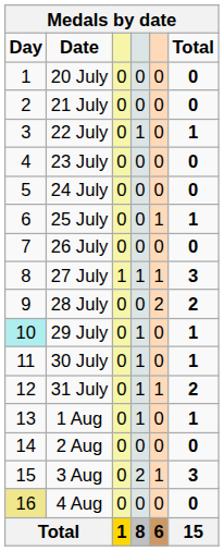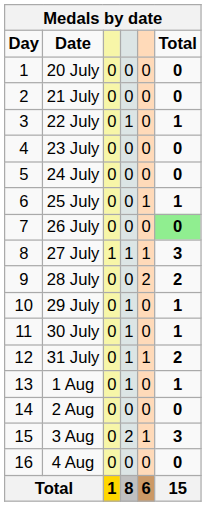 <table class="wikitable" style="font-size:85%; text-align:center;">
 <tr style="background:#efefef;">
 <th colspan=6><strong>Medals by date</strong></th>
 </tr>
 <tr>
 <td><strong>Day</strong></td>
 <td><strong>Date</strong></td>
 <td style="background:#F7F6A8;"></td>
 <td style="background:#DCE5E5;"></td>
 <td style="background:#FFDAB9;"></td>
 <td><strong>Total</strong></td>
 </tr>
 <tr>
 <td>1</td>
 <td>20 July</td>
 <td style="background:#F7F6A8;">0</td>
 <td style="background:#DCE5E5;">0</td>
 <td style="background:#FFDAB9;">0</td>
 <td><strong>0</strong></td>
 </tr>
 <tr>
 <td>2</td>
 <td>21 July</td>
 <td style="background:#F7F6A8;">0</td>
 <td style="background:#DCE5E5;">0</td>
 <td style="background:#FFDAB9;">0</td>
 <td><strong>0</strong></td>
 </tr>
 <tr>
 <td>3</td>
 <td>22 July</td>
 <td style="background:#F7F6A8;">0</td>
 <td style="background:#DCE5E5;">1</td>
 <td style="background:#FFDAB9;">0</td>
 <td><strong>1</strong></td>
 </tr>
 <tr>
 <td>4</td>
 <td>23 July</td>
 <td style="background:#F7F6A8;">0</td>
 <td style="background:#DCE5E5;">0</td>
 <td style="background:#FFDAB9;">0</td>
 <td><strong>0</strong></td>
 </tr>
 <tr>
 <td>5</td>
 <td>24 July</td>
 <td style="background:#F7F6A8;">0</td>
 <td style="background:#DCE5E5;">0</td>
 <td style="background:#FFDAB9;">0</td>
 <td><strong>0</strong></td>
 </tr>
 <tr>
 <td>6</td>
 <td>25 July</td>
 <td style="background:#F7F6A8;">0</td>
 <td style="background:#DCE5E5;">0</td>
 <td style="background:#FFDAB9;">1</td>
 <td><strong>1</strong></td>
 </tr>
 <tr>
 <td>7</td>
 <td>26 July</td>
 <td style="background:#F7F6A8;">0</td>
 <td style="background:#DCE5E5;">0</td>
 <td style="background:#FFDAB9;">0</td>
-<td><strong>0</strong></td>
+<td style="background: lightgreen;"><strong>0</strong></td>
 </tr>
 <tr>
 <td>8</td>
 <td>27 July</td>
 <td style="background:#F7F6A8;">1</td>
 <td style="background:#DCE5E5;">1</td>
 <td style="background:#FFDAB9;">1</td>
 <td><strong>3</strong></td>
 </tr>
 <tr>
 <td>9</td>
 <td>28 July</td>
 <td style="background:#F7F6A8;">0</td>
 <td style="background:#DCE5E5;">0</td>
 <td style="background:#FFDAB9;">2</td>
 <td><strong>2</strong></td>
 </tr>
 <tr>
-<td style="background: paleturquoise;">10</td>
+<td>10</td>
 <td>29 July</td>
 <td style="background:#F7F6A8;">0</td>
 <td style="background:#DCE5E5;">1</td>
 <td style="background:#FFDAB9;">0</td>
 <td><strong>1</strong></td>
 </tr>
 <tr>
 <td>11</td>
 <td>30 July</td>
 <td style="background:#F7F6A8;">0</td>
 <td style="background:#DCE5E5;">1</td>
 <td style="background:#FFDAB9;">0</td>
 <td><strong>1</strong></td>
 </tr>
 <tr>
 <td>12</td>
 <td>31 July</td>
 <td style="background:#F7F6A8;">0</td>
 <td style="background:#DCE5E5;">1</td>
 <td style="background:#FFDAB9;">1</td>
 <td><strong>2</strong></td>
 </tr>
 <tr>
 <td>13</td>
 <td>1 Aug</td>
 <td style="background:#F7F6A8;">0</td>
 <td style="background:#DCE5E5;">1</td>
 <td style="background:#FFDAB9;">0</td>
 <td><strong>1</strong></td>
 </tr>
 <tr>
 <td>14</td>
 <td>2 Aug</td>
 <td style="background:#F7F6A8;">0</td>
 <td style="background:#DCE5E5;">0</td>
 <td style="background:#FFDAB9;">0</td>
 <td><strong>0</strong></td>
 </tr>
 <tr>
 <td>15</td>
 <td>3 Aug</td>
 <td style="background:#F7F6A8;">0</td>
 <td style="background:#DCE5E5;">2</td>
 <td style="background:#FFDAB9;">1</td>
 <td><strong>3</strong></td>
 </tr>
 <tr>
-<td style="background: khaki;">16</td>
+<td>16</td>
 <td>4 Aug</td>
 <td style="background:#F7F6A8;">0</td>
 <td style="background:#DCE5E5;">0</td>
 <td style="background:#FFDAB9;">0</td>
 <td><strong>0</strong></td>
 </tr>
 <tr>
 <th colspan="2"><strong>Total</strong></th>
 <th style="background:gold;"><strong>1</strong></th>
 <th style="background:silver;"><strong>8</strong></th>
 <th style="background:#c96;"><strong>6</strong></th>
 <th><strong>15</strong></th>
 </tr>
 </table>
